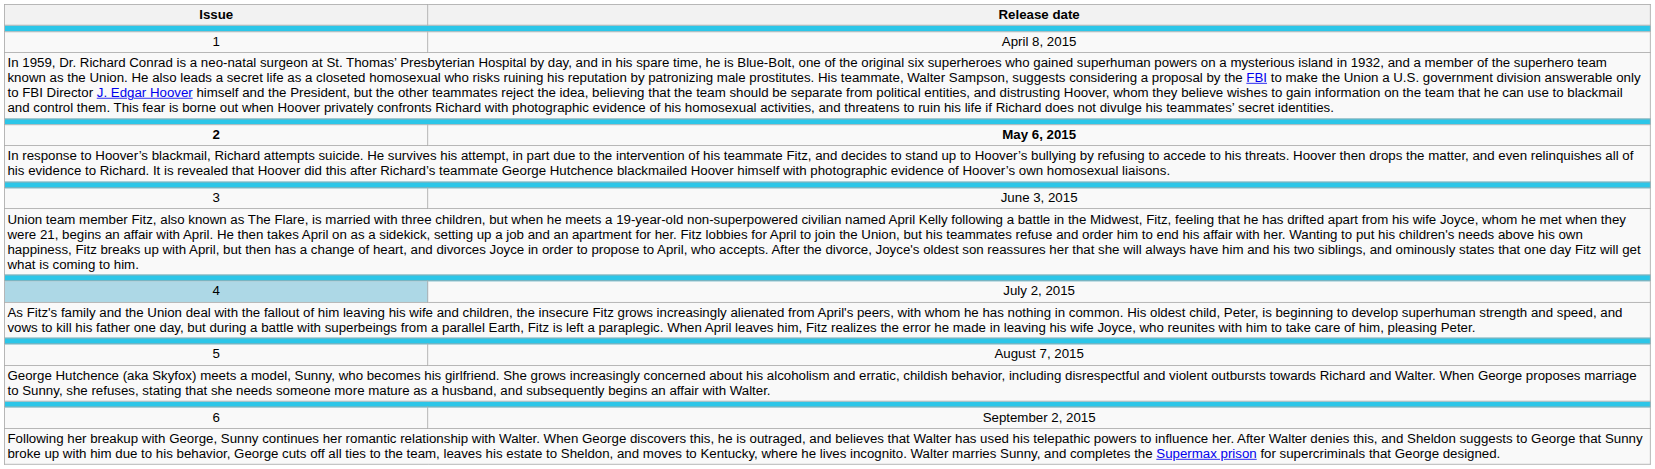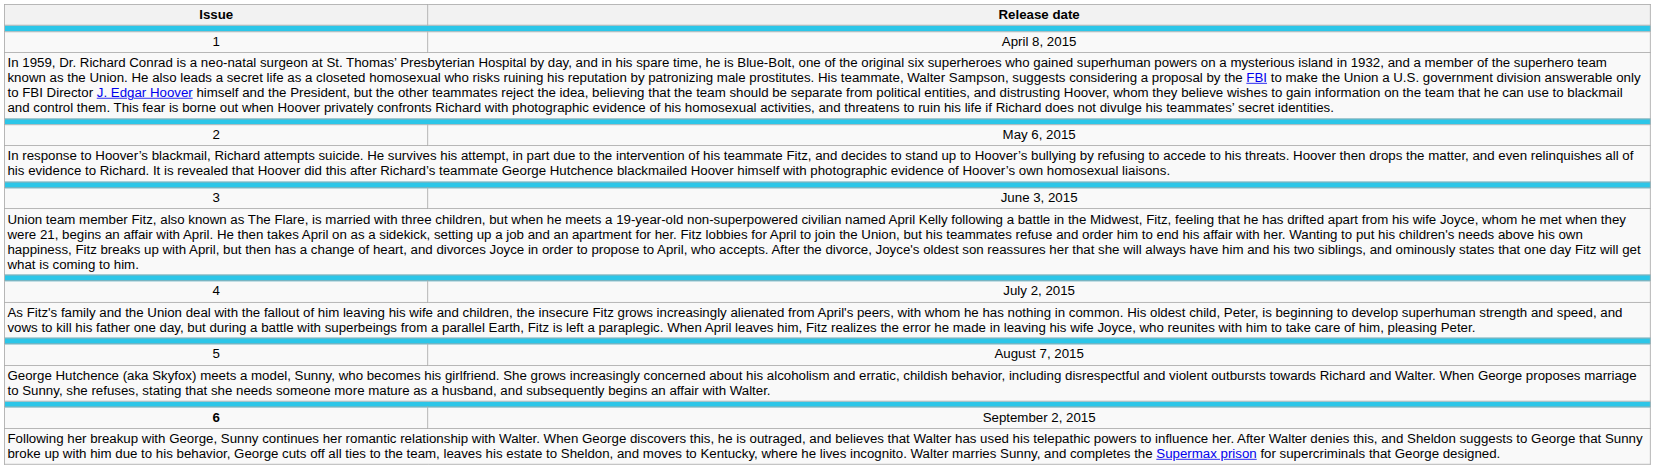 <table class="wikitable" style="width:100%;">
 <tr>
 <th>Issue</th>
 <th>Release date</th>
 </tr>
 <tr>
 <td colspan="6" style="background:#2CC6E8;"></td>
 </tr>
 <tr style="text-align:center;">
 <td>1</td>
 <td style="text-align:center;">April 8, 2015</td>
 </tr>
 <tr>
 <td colspan="6">In 1959, Dr. Richard Conrad is a neo-natal surgeon at St. Thomas’ Presbyterian Hospital by day, and in his spare time, he is Blue-Bolt, one of the original six superheroes who gained superhuman powers on a mysterious island in 1932, and a member of the superhero team known as the Union. He also leads a secret life as a closeted homosexual who risks ruining his reputation by patronizing male prostitutes. His teammate, Walter Sampson, suggests considering a proposal by the <a href='#'>FBI</a> to make the Union a U.S. government division answerable only to FBI Director <a href='#'>J. Edgar Hoover</a> himself and the President, but the other teammates reject the idea, believing that the team should be separate from political entities, and distrusting Hoover, whom they believe wishes to gain information on the team that he can use to blackmail and control them. This fear is borne out when Hoover privately confronts Richard with photographic evidence of his homosexual activities, and threatens to ruin his life if Richard does not divulge his teammates’ secret identities.</td>
 </tr>
 <tr>
 <td colspan="6" style="background:#2CC6E8;"></td>
 </tr>
 <tr style="text-align:center;">
-<td><strong>2</strong></td>
-<td style="text-align:center;"><strong>May 6, 2015</strong></td>
+<td>2</td>
+<td style="text-align:center;">May 6, 2015</td>
 </tr>
 <tr>
 <td colspan="6">In response to Hoover’s blackmail, Richard attempts suicide. He survives his attempt, in part due to the intervention of his teammate Fitz, and decides to stand up to Hoover’s bullying by refusing to accede to his threats. Hoover then drops the matter, and even relinquishes all of his evidence to Richard. It is revealed that Hoover did this after Richard’s teammate George Hutchence blackmailed Hoover himself with photographic evidence of Hoover’s own homosexual liaisons.</td>
 </tr>
 <tr>
 <td colspan="6" style="background:#2CC6E8;"></td>
 </tr>
 <tr style="text-align:center;">
 <td>3</td>
 <td style="text-align:center;">June 3, 2015</td>
 </tr>
 <tr>
 <td colspan="6">Union team member Fitz, also known as The Flare, is married with three children, but when he meets a 19-year-old non-superpowered civilian named April Kelly following a battle in the Midwest, Fitz, feeling that he has drifted apart from his wife Joyce, whom he met when they were 21, begins an affair with April. He then takes April on as a sidekick, setting up a job and an apartment for her. Fitz lobbies for April to join the Union, but his teammates refuse and order him to end his affair with her. Wanting to put his children's needs above his own happiness, Fitz breaks up with April, but then has a change of heart, and divorces Joyce in order to propose to April, who accepts. After the divorce, Joyce's oldest son reassures her that she will always have him and his two siblings, and ominously states that one day Fitz will get what is coming to him.</td>
 </tr>
 <tr>
 <td colspan="6" style="background:#2CC6E8;"></td>
 </tr>
 <tr style="text-align:center;">
-<td style="background: lightblue;">4</td>
+<td>4</td>
 <td style="text-align:center;">July 2, 2015</td>
 </tr>
 <tr>
 <td colspan="6">As Fitz's family and the Union deal with the fallout of him leaving his wife and children, the insecure Fitz grows increasingly alienated from April's peers, with whom he has nothing in common. His oldest child, Peter, is beginning to develop superhuman strength and speed, and vows to kill his father one day, but during a battle with superbeings from a parallel Earth, Fitz is left a paraplegic. When April leaves him, Fitz realizes the error he made in leaving his wife Joyce, who reunites with him to take care of him, pleasing Peter.</td>
 </tr>
 <tr>
 <td colspan="6" style="background:#2CC6E8;"></td>
 </tr>
 <tr style="text-align:center;">
 <td>5</td>
 <td style="text-align:center;">August 7, 2015</td>
 </tr>
 <tr>
 <td colspan="6">George Hutchence (aka Skyfox) meets a model, Sunny, who becomes his girlfriend. She grows increasingly concerned about his alcoholism and erratic, childish behavior, including disrespectful and violent outbursts towards Richard and Walter. When George proposes marriage to Sunny, she refuses, stating that she needs someone more mature as a husband, and subsequently begins an affair with Walter.</td>
 </tr>
 <tr>
 <td colspan="6" style="background:#2CC6E8;"></td>
 </tr>
 <tr style="text-align:center;">
-<td>6</td>
+<td><strong>6</strong></td>
 <td style="text-align:center;">September 2, 2015</td>
 </tr>
 <tr>
 <td colspan="6">Following her breakup with George, Sunny continues her romantic relationship with Walter. When George discovers this, he is outraged, and believes that Walter has used his telepathic powers to influence her. After Walter denies this, and Sheldon suggests to George that Sunny broke up with him due to his behavior, George cuts off all ties to the team, leaves his estate to Sheldon, and moves to Kentucky, where he lives incognito. Walter marries Sunny, and completes the <a href='#'>Supermax prison</a> for supercriminals that George designed.</td>
 </tr>
 </table>
